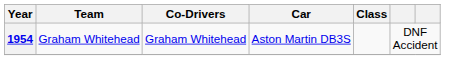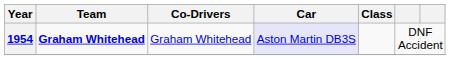 <table class="wikitable" style="text-align:center; font-size:90%">
 <tr>
 <th>Year</th>
 <th>Team</th>
 <th>Co-Drivers</th>
 <th>Car</th>
 <th>Class</th>
 <th></th>
 <th></th>
 </tr>
 <tr>
 <th><a href='#'>1954</a></th>
+<td align="left"><strong> <a href='#'>Graham Whitehead</a></strong></td>
 <td align="left"> <a href='#'>Graham Whitehead</a></td>
-<td align="left"> <a href='#'>Graham Whitehead</a></td>
-<td align="left"><a href='#'>Aston Martin DB3S</a></td>
+<td align="left" style="background: lavender;"><a href='#'>Aston Martin DB3S</a></td>
 <td></td>
 <td colspan=2>DNF<br>Accident</td>
 </tr>
 <tr>
 </tr>
 </table>
